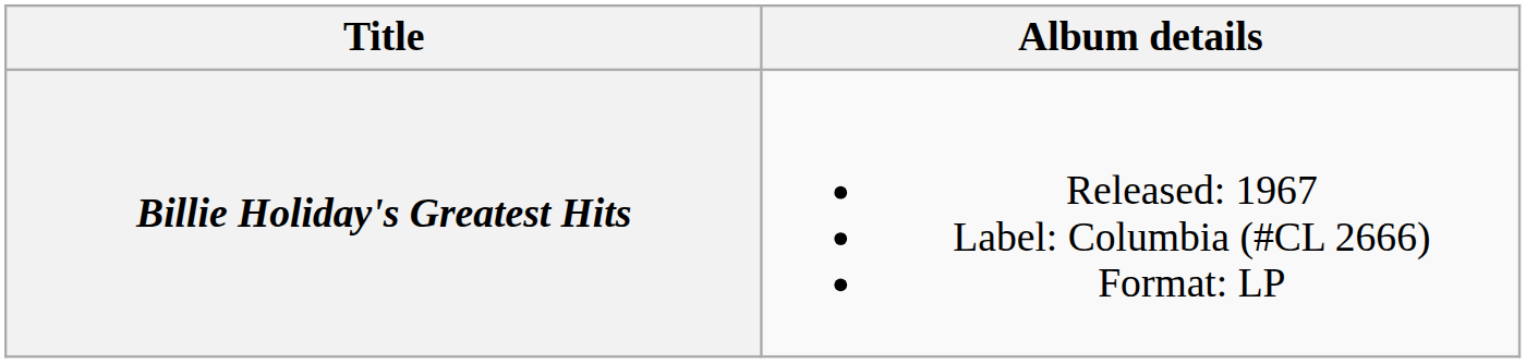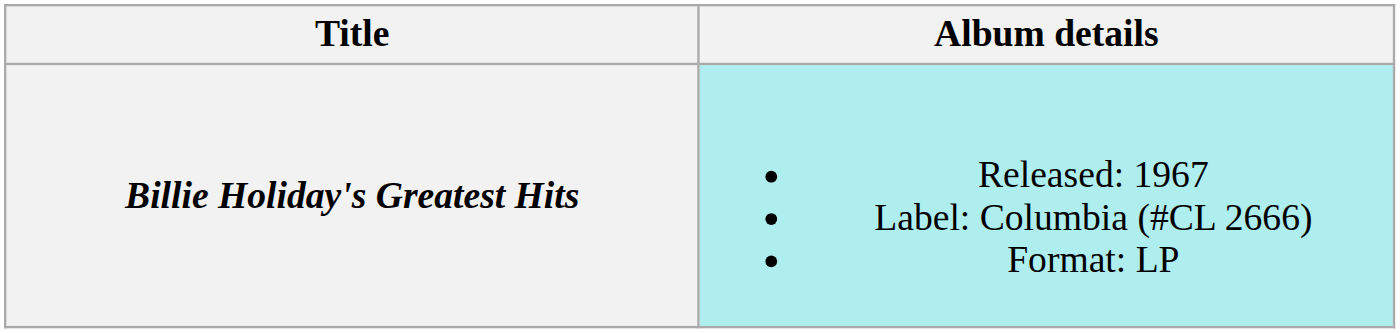 <table class="wikitable plainrowheaders" style="text-align:center;">
 <tr>
 <th scope="col" style="width:18em;">Title</th>
 <th scope="col" style="width:18em;">Album details</th>
 </tr>
 <tr>
 <th scope="row"><em>Billie Holiday's Greatest Hits</em></th>
-<td><br><ul><li>Released: 1967</li><li>Label: Columbia (#CL 2666)</li><li>Format: LP</li></ul></td>
+<td style="background: paleturquoise;"><br><ul><li>Released: 1967</li><li>Label: Columbia (#CL 2666)</li><li>Format: LP</li></ul></td>
 </tr>
 </table>
